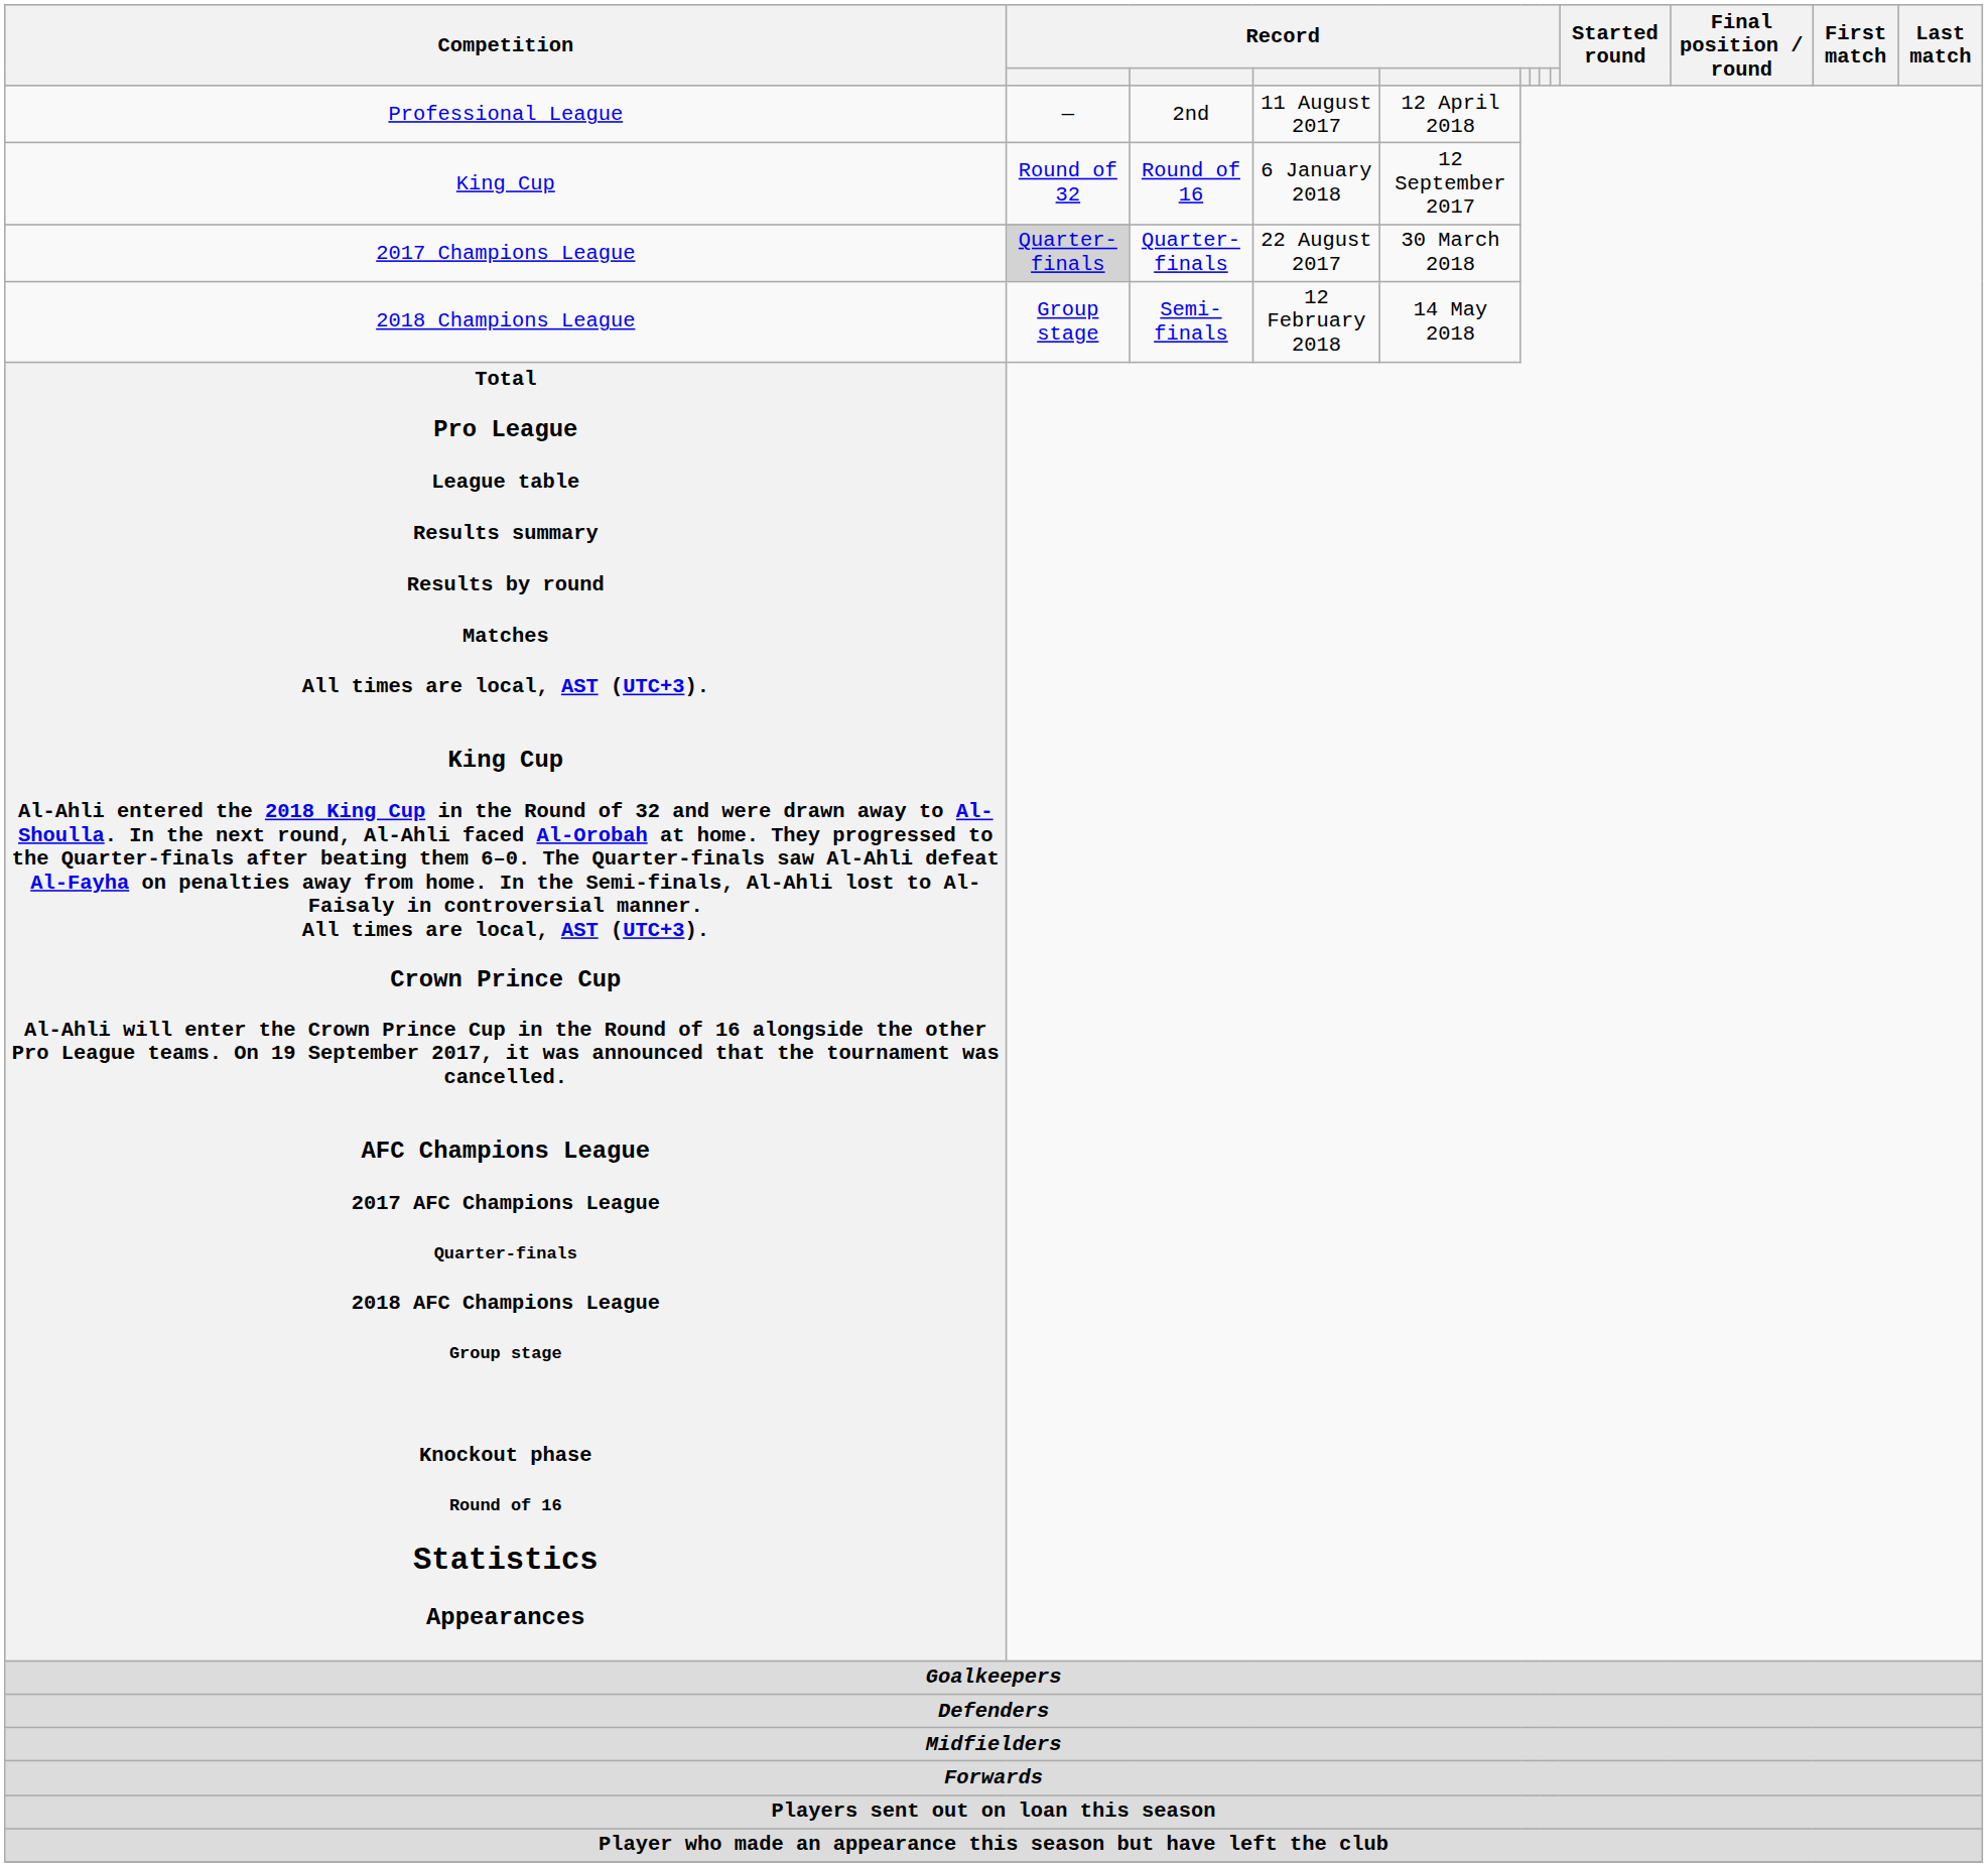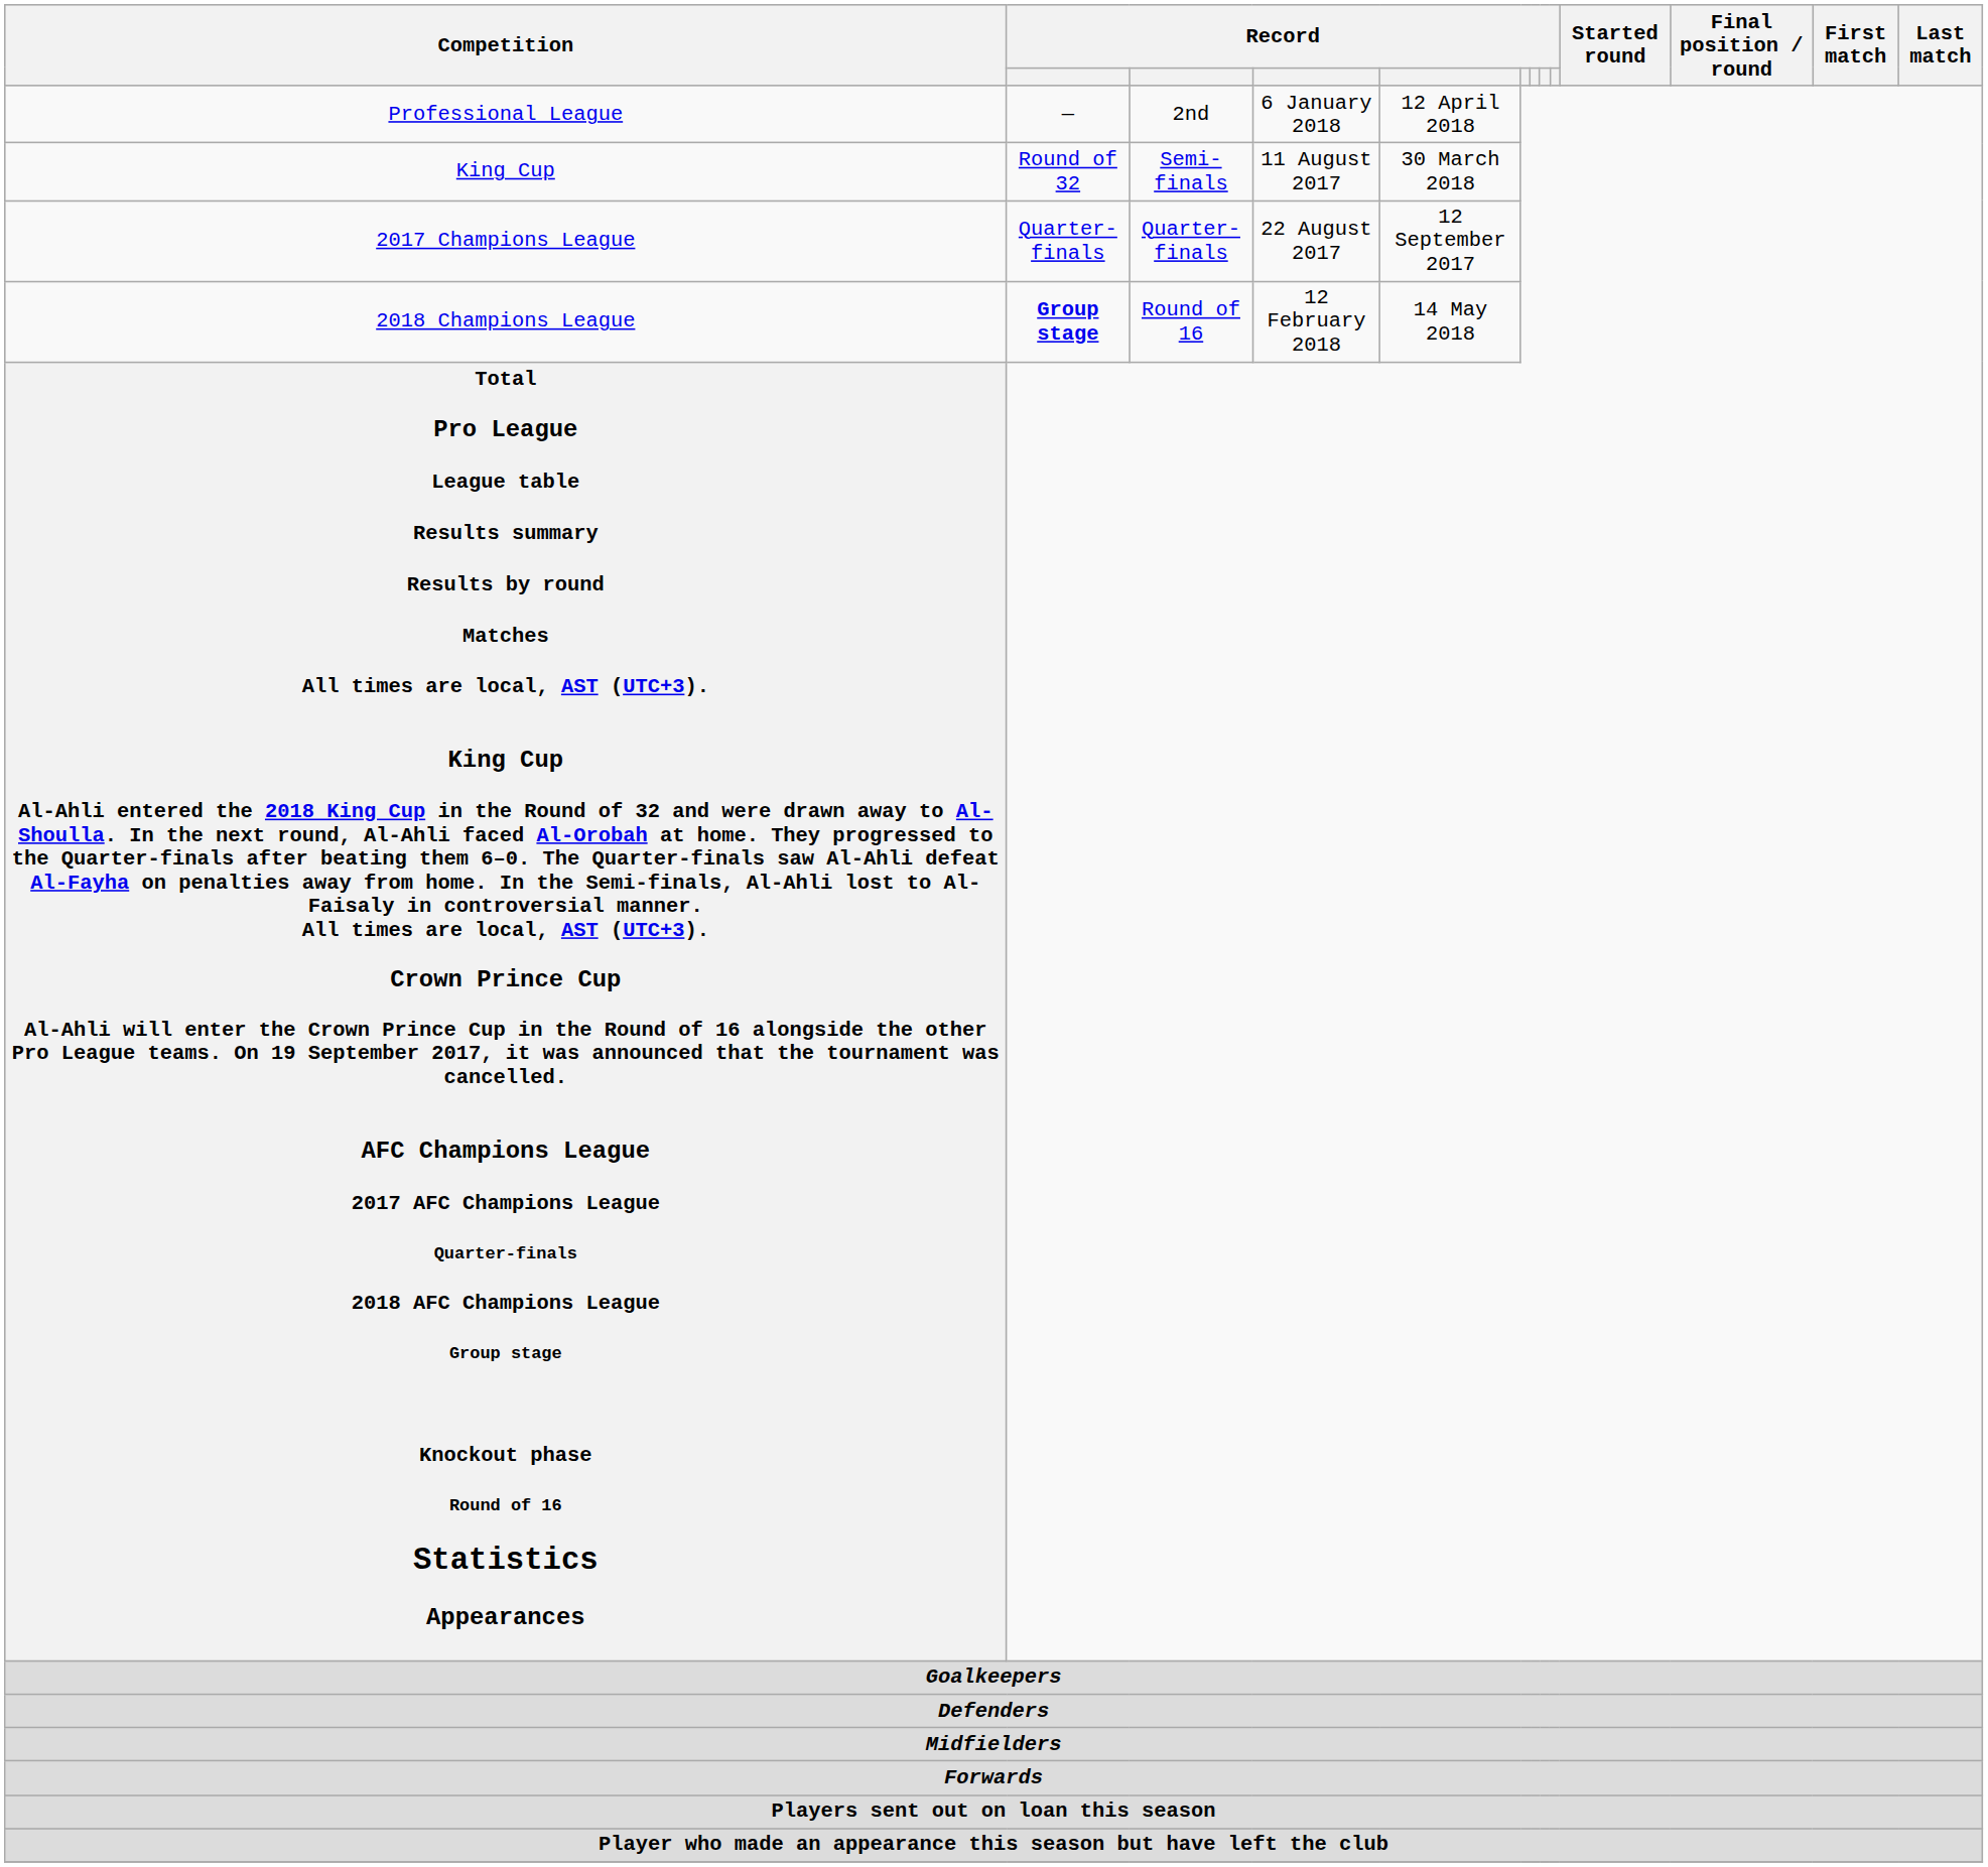 <table class="wikitable" style="text-align: center">
 <tr>
 <th rowspan=2>Competition</th>
 <th colspan=8>Record</th>
 <th rowspan=2>Started round</th>
 <th rowspan=2>Final position / round</th>
 <th rowspan=2>First match</th>
 <th rowspan=2>Last match</th>
 </tr>
 <tr>
 <th></th>
 <th></th>
 <th></th>
 <th></th>
 <th></th>
 <th></th>
 <th></th>
 <th></th>
 </tr>
 <tr>
 <td><a href='#'>Professional League</a><br></td>
 <td>—</td>
 <td>2nd</td>
-<td>11 August 2017</td>
+<td>6 January 2018</td>
 <td>12 April 2018</td>
 </tr>
 <tr>
 <td><a href='#'>King Cup</a><br></td>
 <td><a href='#'>Round of 32</a></td>
-<td><a href='#'>Round of 16</a></td>
-<td>6 January 2018</td>
+<td><a href='#'>Semi-finals</a></td>
+<td>11 August 2017</td>
+<td>30 March 2018</td>
+</tr>
+<tr>
+<td><a href='#'>2017 Champions League</a><br></td>
+<td><a href='#'>Quarter-finals</a></td>
+<td><a href='#'>Quarter-finals</a></td>
+<td>22 August 2017</td>
 <td>12 September 2017</td>
 </tr>
 <tr>
-<td><a href='#'>2017 Champions League</a><br></td>
-<td style="background: lightgrey;"><a href='#'>Quarter-finals</a></td>
-<td><a href='#'>Quarter-finals</a></td>
-<td>22 August 2017</td>
-<td>30 March 2018</td>
-</tr>
-<tr>
 <td><a href='#'>2018 Champions League</a><br></td>
-<td><a href='#'>Group stage</a></td>
-<td><a href='#'>Semi-finals</a></td>
+<td><strong><a href='#'>Group stage</a></strong></td>
+<td><a href='#'>Round of 16</a></td>
 <td>12 February 2018</td>
 <td>14 May 2018</td>
 </tr>
 <tr>
 <th>Total<br> <h3>Pro League</h3><h4>League table</h4><h4>Results summary</h4> <h4>Results by round</h4><h4>Matches</h4>All times are local, <a href='#'>AST</a> (<a href='#'>UTC+3</a>).<br>   <br>                         <h3>King Cup</h3>Al-Ahli entered the <a href='#'>2018 King Cup</a> in the Round of 32 and were drawn away to <a href='#'>Al-Shoulla</a>. In the next round, Al-Ahli faced <a href='#'>Al-Orobah</a> at home. They progressed to the Quarter-finals after beating them 6–0. The Quarter-finals saw Al-Ahli defeat <a href='#'>Al-Fayha</a> on penalties away from home. In the Semi-finals, Al-Ahli lost to Al-Faisaly in controversial manner.<br>All times are local, <a href='#'>AST</a> (<a href='#'>UTC+3</a>).     <h3>Crown Prince Cup</h3>Al-Ahli will enter the Crown Prince Cup in the Round of 16 alongside the other Pro League teams. On 19 September 2017, it was announced that the tournament was cancelled.<br><br><h3>AFC Champions League</h3><h4>2017 AFC Champions League</h4><h5>Quarter-finals</h5>  <h4>2018 AFC Champions League</h4><h5>Group stage</h5> <br>     <h4>Knockout phase</h4><h5>Round of 16</h5> <h2>Statistics</h2><h3>Appearances</h3></th>
 </tr>
 <tr>
 <th colspan=16 style=background:#dcdcdc; text-align:center><em>Goalkeepers</em><br>   </th>
 </tr>
 <tr>
 <th colspan=16 style=background:#dcdcdc; text-align:center><em>Defenders</em><br>          </th>
 </tr>
 <tr>
 <th colspan=16 style=background:#dcdcdc; text-align:center><em>Midfielders</em><br>                </th>
 </tr>
 <tr>
 <th colspan=16 style=background:#dcdcdc; text-align:center><em>Forwards</em><br>   </th>
 </tr>
 <tr>
 <th colspan=14 style=background:#dcdcdc; text-align:center>Players sent out on loan this season<br> </th>
 </tr>
 <tr>
 <th colspan=14 style=background:#dcdcdc; text-align:center>Player who made an appearance this season but have left the club<br></th>
 </tr>
 <tr>
 </tr>
 </table>
